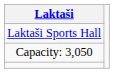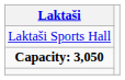 <table class="wikitable" style="text-align:center">
 <tr>
 <th><a href='#'>Laktaši</a></th>
 <td rowspan=4></td>
 </tr>
 <tr>
 <td><a href='#'>Laktaši Sports Hall</a></td>
 </tr>
 <tr>
-<td>Capacity: 3,050</td>
+<td><strong>Capacity: 3,050</strong></td>
 </tr>
 <tr>
 <td></td>
 </tr>
 </table>
